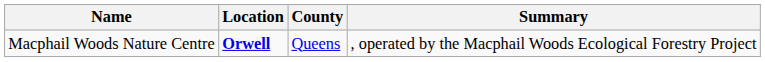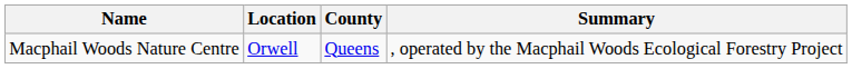 <table class="wikitable">
 <tr>
 <th>Name</th>
 <th>Location</th>
 <th>County</th>
 <th>Summary</th>
 </tr>
 <tr>
 <td>Macphail Woods Nature Centre</td>
-<td><strong><a href='#'>Orwell</a></strong></td>
+<td><a href='#'>Orwell</a></td>
 <td><a href='#'>Queens</a></td>
 <td>, operated by the Macphail Woods Ecological Forestry Project</td>
 </tr>
 <tr>
 </tr>
 </table>
